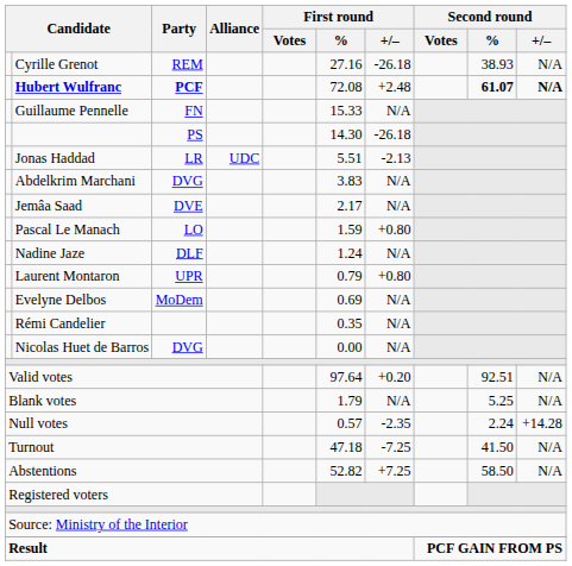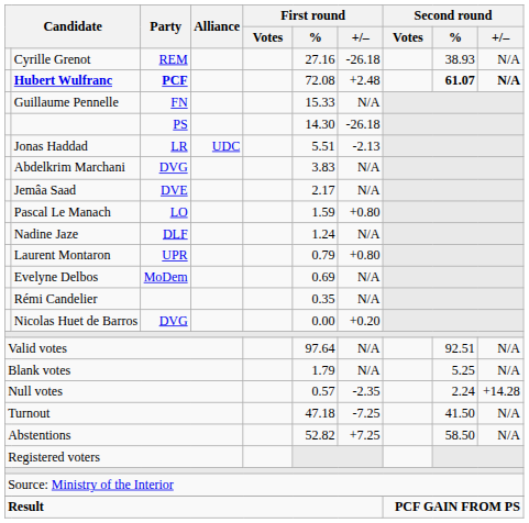 <table class="wikitable" style="text-align:right;font-size:95%;">
 <tr>
 <th rowspan="2" colspan="2">Candidate</th>
 <th rowspan="2">Party</th>
 <th rowspan="2">Alliance</th>
 <th colspan="3">First round</th>
 <th colspan="3">Second round</th>
 </tr>
 <tr>
 <th style="width:50px;">Votes</th>
 <th style="width:45px;">%</th>
 <th style="width:45px;">+/–</th>
 <th style="width:50px;">Votes</th>
 <th style="width:45px;">%</th>
 <th style="width:45px;">+/–</th>
 </tr>
 <tr>
 <td style="color:inherit;background:"></td>
 <td style="text-align:left;">Cyrille Grenot</td>
 <td><a href='#'>REM</a> </td>
 <td></td>
 <td></td>
 <td>27.16</td>
 <td>-26.18</td>
 <td></td>
 <td>38.93</td>
 <td>N/A</td>
 </tr>
 <tr>
 <td style="color:inherit;background:"></td>
 <td style="text-align:left;"><strong><a href='#'>Hubert Wulfranc</a></strong></td>
 <td><a href='#'><strong>PCF</strong></a> </td>
 <td></td>
 <td></td>
 <td>72.08</td>
 <td>+2.48</td>
 <td><strong></strong></td>
 <td><strong>61.07</strong></td>
 <td><strong>N/A</strong></td>
 </tr>
 <tr>
 <td style="color:inherit;background:"></td>
 <td style="text-align:left;">Guillaume Pennelle</td>
 <td><a href='#'>FN</a></td>
 <td></td>
 <td></td>
 <td>15.33</td>
 <td>N/A</td>
 <td colspan="3" style="background:#E9E9E9;"></td>
 </tr>
 <tr>
 <td style="color:inherit;background:"></td>
 <td style="text-align:left;"></td>
 <td><a href='#'>PS</a></td>
 <td></td>
 <td></td>
 <td>14.30</td>
 <td>-26.18</td>
 <td colspan="3" style="background:#E9E9E9;"></td>
 </tr>
 <tr>
 <td style="color:inherit;background:"></td>
 <td style="text-align:left;">Jonas Haddad</td>
 <td><a href='#'>LR</a></td>
 <td><a href='#'>UDC</a></td>
 <td></td>
 <td>5.51</td>
 <td>-2.13</td>
 <td colspan="3" style="background:#E9E9E9;"></td>
 </tr>
 <tr>
 <td style="color:inherit;background:"></td>
 <td style="text-align:left;">Abdelkrim Marchani</td>
 <td><a href='#'>DVG</a></td>
 <td></td>
 <td></td>
 <td>3.83</td>
 <td>N/A</td>
 <td colspan="3" style="background:#E9E9E9;"></td>
 </tr>
 <tr>
 <td style="color:inherit;background:"></td>
 <td style="text-align:left;">Jemâa Saad</td>
 <td><a href='#'>DVE</a></td>
 <td></td>
 <td></td>
 <td>2.17</td>
 <td>N/A</td>
 <td colspan="3" style="background:#E9E9E9;"></td>
 </tr>
 <tr>
 <td style="color:inherit;background:"></td>
 <td style="text-align:left;">Pascal Le Manach</td>
 <td><a href='#'>LO</a></td>
 <td></td>
 <td></td>
 <td>1.59</td>
 <td>+0.80</td>
 <td colspan="3" style="background:#E9E9E9;"></td>
 </tr>
 <tr>
 <td style="color:inherit;background:"></td>
 <td style="text-align:left;">Nadine Jaze</td>
 <td><a href='#'>DLF</a></td>
 <td></td>
 <td></td>
 <td>1.24</td>
 <td>N/A</td>
 <td colspan="3" style="background:#E9E9E9;"></td>
 </tr>
 <tr>
 <td style="color:inherit;background:"></td>
 <td style="text-align:left;">Laurent Montaron</td>
 <td><a href='#'>UPR</a></td>
 <td></td>
 <td></td>
 <td>0.79</td>
 <td>+0.80</td>
 <td colspan="3" style="background:#E9E9E9;"></td>
 </tr>
 <tr>
 <td style="color:inherit;background:"></td>
 <td style="text-align:left;">Evelyne Delbos</td>
 <td><a href='#'>MoDem</a></td>
 <td></td>
 <td></td>
 <td>0.69</td>
 <td>N/A</td>
 <td colspan="3" style="background:#E9E9E9;"></td>
 </tr>
 <tr>
 <td style="color:inherit;background:"></td>
 <td style="text-align:left;">Rémi Candelier</td>
 <td></td>
 <td></td>
 <td></td>
 <td>0.35</td>
 <td>N/A</td>
 <td colspan="3" style="background:#E9E9E9;"></td>
 </tr>
 <tr>
 <td style="color:inherit;background:"></td>
 <td style="text-align:left;">Nicolas Huet de Barros</td>
 <td><a href='#'>DVG</a></td>
 <td></td>
 <td></td>
 <td>0.00</td>
-<td>N/A</td>
+<td>+0.20</td>
 <td colspan="3" style="background:#E9E9E9;"></td>
 </tr>
 <tr>
 <td colspan="10" style="background:#E9E9E9;"></td>
 </tr>
 <tr>
 <td colspan="4" style="text-align:left;">Valid votes</td>
 <td></td>
 <td>97.64</td>
-<td>+0.20</td>
+<td>N/A</td>
 <td></td>
 <td>92.51</td>
 <td>N/A</td>
 </tr>
 <tr>
 <td colspan="4" style="text-align:left;">Blank votes</td>
 <td></td>
 <td>1.79</td>
 <td>N/A</td>
 <td></td>
 <td>5.25</td>
 <td>N/A</td>
 </tr>
 <tr>
 <td colspan="4" style="text-align:left;">Null votes</td>
 <td></td>
 <td>0.57</td>
 <td>-2.35</td>
 <td></td>
 <td>2.24</td>
 <td>+14.28</td>
 </tr>
 <tr>
 <td colspan="4" style="text-align:left;">Turnout</td>
 <td></td>
 <td>47.18</td>
 <td>-7.25</td>
 <td></td>
 <td>41.50</td>
 <td>N/A</td>
 </tr>
 <tr>
 <td colspan="4" style="text-align:left;">Abstentions</td>
 <td></td>
 <td>52.82</td>
 <td>+7.25</td>
 <td></td>
 <td>58.50</td>
 <td>N/A</td>
 </tr>
 <tr>
 <td colspan="4" style="text-align:left;">Registered voters</td>
 <td></td>
 <td colspan="2" style="background:#E9E9E9;"></td>
 <td></td>
 <td colspan="2" style="background:#E9E9E9;"></td>
 </tr>
 <tr>
 <td colspan="10" style="background:#E9E9E9;"></td>
 </tr>
 <tr>
 <td colspan="10" style="text-align:left;">Source: <a href='#'>Ministry of the Interior</a></td>
 </tr>
 <tr>
 </tr>
 <tr style="font-weight:bold">
 <td colspan="7" style="text-align:left;">Result</td>
 <td colspan="7" style="background-color:">PCF GAIN FROM PS</td>
 </tr>
 </table>
